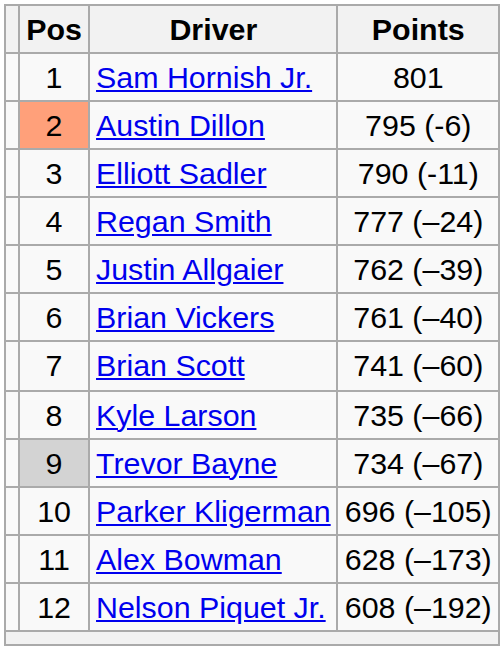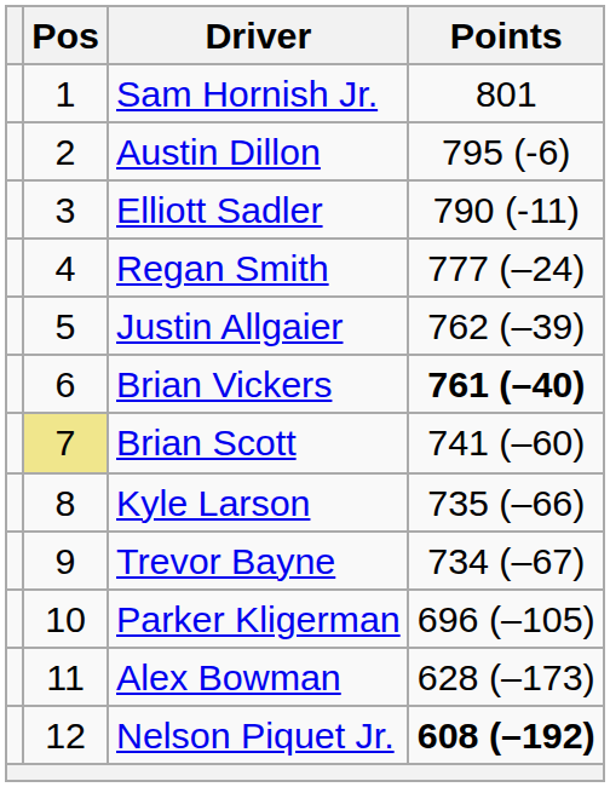 <table class="wikitable" style="font-size: 95%;">
 <tr>
 <th></th>
 <th>Pos</th>
 <th>Driver</th>
 <th>Points</th>
 </tr>
 <tr>
 <td align="left"></td>
 <td style="text-align:center;">1</td>
 <td><a href='#'>Sam Hornish Jr.</a></td>
 <td style="text-align:center;">801</td>
 </tr>
 <tr>
 <td align="left"></td>
-<td style="background: lightsalmon; text-align:center;">2</td>
+<td style="text-align:center;">2</td>
 <td><a href='#'>Austin Dillon</a></td>
 <td style="text-align:center;">795 (-6)</td>
 </tr>
 <tr>
 <td align="left"></td>
 <td style="text-align:center;">3</td>
 <td><a href='#'>Elliott Sadler</a></td>
 <td style="text-align:center;">790 (-11)</td>
 </tr>
 <tr>
 <td align="left"></td>
 <td style="text-align:center;">4</td>
 <td><a href='#'>Regan Smith</a></td>
 <td style="text-align:center;">777 (–24)</td>
 </tr>
 <tr>
 <td align="left"></td>
 <td style="text-align:center;">5</td>
 <td><a href='#'>Justin Allgaier</a></td>
 <td style="text-align:center;">762 (–39)</td>
 </tr>
 <tr>
 <td align="left"></td>
 <td style="text-align:center;">6</td>
 <td><a href='#'>Brian Vickers</a></td>
-<td style="text-align:center;">761 (–40)</td>
+<td style="text-align:center;"><strong>761 (–40)</strong></td>
 </tr>
 <tr>
 <td align="left"></td>
-<td style="text-align:center;">7</td>
+<td style="background: khaki; text-align:center;">7</td>
 <td><a href='#'>Brian Scott</a></td>
 <td style="text-align:center;">741 (–60)</td>
 </tr>
 <tr>
 <td align="left"></td>
 <td style="text-align:center;">8</td>
 <td><a href='#'>Kyle Larson</a></td>
 <td style="text-align:center;">735 (–66)</td>
 </tr>
 <tr>
 <td align="left"></td>
-<td style="background: lightgrey; text-align:center;">9</td>
+<td style="text-align:center;">9</td>
 <td><a href='#'>Trevor Bayne</a></td>
 <td style="text-align:center;">734 (–67)</td>
 </tr>
 <tr>
 <td align="left"></td>
 <td style="text-align:center;">10</td>
 <td><a href='#'>Parker Kligerman</a></td>
 <td style="text-align:center;">696 (–105)</td>
 </tr>
 <tr>
 <td align="left"></td>
 <td style="text-align:center;">11</td>
 <td><a href='#'>Alex Bowman</a></td>
 <td style="text-align:center;">628 (–173)</td>
 </tr>
 <tr>
 <td align="left"></td>
 <td style="text-align:center;">12</td>
 <td><a href='#'>Nelson Piquet Jr.</a></td>
-<td style="text-align:center;">608 (–192)</td>
+<td style="text-align:center;"><strong>608 (–192)</strong></td>
 </tr>
 <tr class="sortbottom">
 <th colspan="9"></th>
 </tr>
 </table>
